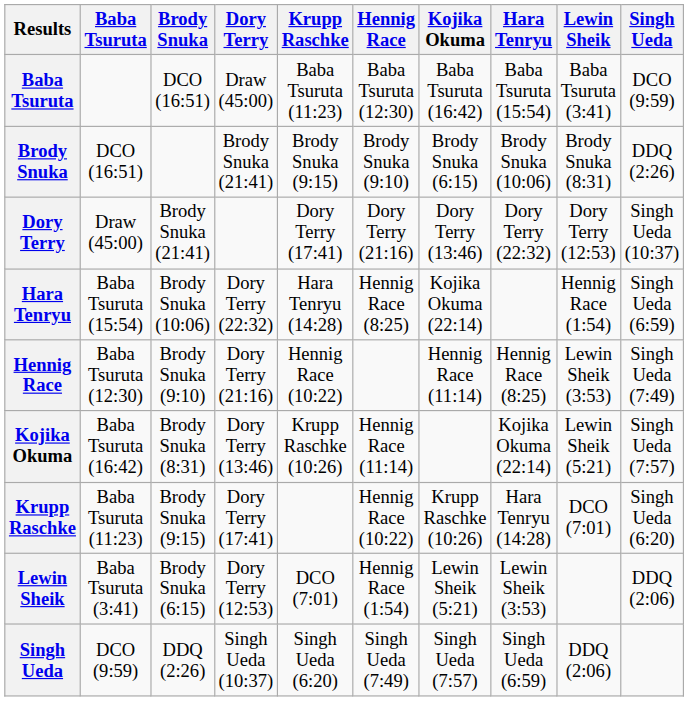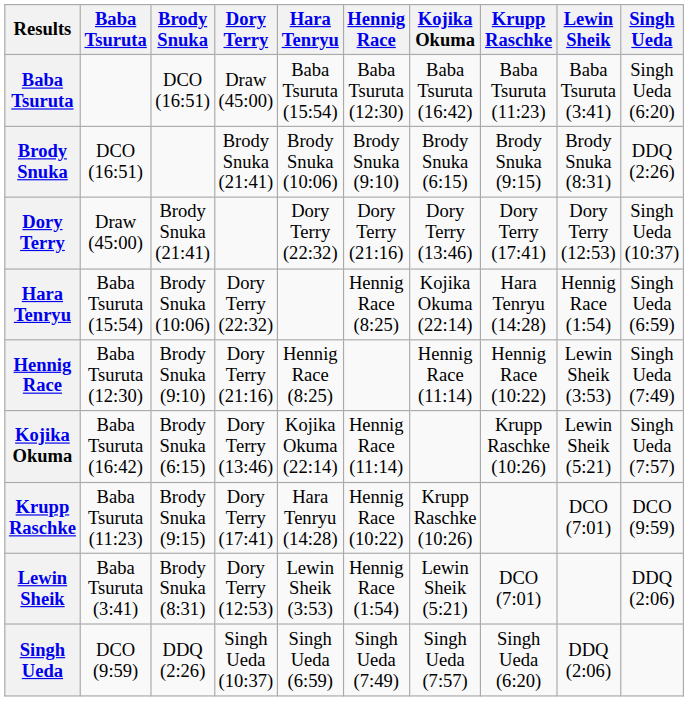 <table class="wikitable" style="text-align:center; margin: 1em auto 1em auto">
 <tr>
 <th>Results</th>
 <th><a href='#'>Baba</a><br><a href='#'>Tsuruta</a></th>
 <th><a href='#'>Brody</a><br><a href='#'>Snuka</a></th>
 <th><a href='#'>Dory</a><br><a href='#'>Terry</a></th>
-<th><a href='#'>Krupp</a><br><a href='#'>Raschke</a></th>
+<th><a href='#'>Hara</a><br><a href='#'>Tenryu</a></th>
 <th><a href='#'>Hennig</a><br><a href='#'>Race</a></th>
 <th><a href='#'>Kojika</a><br>Okuma</th>
-<th><a href='#'>Hara</a><br><a href='#'>Tenryu</a></th>
+<th><a href='#'>Krupp</a><br><a href='#'>Raschke</a></th>
 <th><a href='#'>Lewin</a><br><a href='#'>Sheik</a></th>
 <th><a href='#'>Singh</a><br><a href='#'>Ueda</a></th>
 </tr>
 <tr>
 <th><a href='#'>Baba</a><br><a href='#'>Tsuruta</a></th>
 <td></td>
 <td>DCO<br>(16:51)</td>
 <td>Draw<br>(45:00)</td>
-<td>Baba<br>Tsuruta<br>(11:23)</td>
+<td>Baba<br>Tsuruta<br>(15:54)</td>
 <td>Baba<br>Tsuruta<br>(12:30)</td>
 <td>Baba<br>Tsuruta<br>(16:42)</td>
-<td>Baba<br>Tsuruta<br>(15:54)</td>
+<td>Baba<br>Tsuruta<br>(11:23)</td>
 <td>Baba<br>Tsuruta<br>(3:41)</td>
-<td>DCO<br>(9:59)</td>
+<td>Singh<br>Ueda<br>(6:20)</td>
 </tr>
 <tr>
 <th><a href='#'>Brody</a><br><a href='#'>Snuka</a></th>
 <td>DCO<br>(16:51)</td>
 <td></td>
 <td>Brody<br>Snuka<br>(21:41)</td>
-<td>Brody<br>Snuka<br>(9:15)</td>
+<td>Brody<br>Snuka<br>(10:06)</td>
 <td>Brody<br>Snuka<br>(9:10)</td>
 <td>Brody<br>Snuka<br>(6:15)</td>
-<td>Brody<br>Snuka<br>(10:06)</td>
+<td>Brody<br>Snuka<br>(9:15)</td>
 <td>Brody<br>Snuka<br>(8:31)</td>
 <td>DDQ<br>(2:26)</td>
 </tr>
 <tr>
 <th><a href='#'>Dory</a><br><a href='#'>Terry</a></th>
 <td>Draw<br>(45:00)</td>
 <td>Brody<br>Snuka<br>(21:41)</td>
 <td></td>
-<td>Dory<br>Terry<br>(17:41)</td>
+<td>Dory<br>Terry<br>(22:32)</td>
 <td>Dory<br>Terry<br>(21:16)</td>
 <td>Dory<br>Terry<br>(13:46)</td>
-<td>Dory<br>Terry<br>(22:32)</td>
+<td>Dory<br>Terry<br>(17:41)</td>
 <td>Dory<br>Terry<br>(12:53)</td>
 <td>Singh<br>Ueda<br>(10:37)</td>
 </tr>
 <tr>
 <th><a href='#'>Hara</a><br><a href='#'>Tenryu</a></th>
 <td>Baba<br>Tsuruta<br>(15:54)</td>
 <td>Brody<br>Snuka<br>(10:06)</td>
 <td>Dory<br>Terry<br>(22:32)</td>
-<td>Hara<br>Tenryu<br>(14:28)</td>
+<td></td>
 <td>Hennig<br>Race<br>(8:25)</td>
 <td>Kojika<br>Okuma<br>(22:14)</td>
-<td></td>
+<td>Hara<br>Tenryu<br>(14:28)</td>
 <td>Hennig<br>Race<br>(1:54)</td>
 <td>Singh<br>Ueda<br>(6:59)</td>
 </tr>
 <tr>
 <th><a href='#'>Hennig</a><br><a href='#'>Race</a></th>
 <td>Baba<br>Tsuruta<br>(12:30)</td>
 <td>Brody<br>Snuka<br>(9:10)</td>
 <td>Dory<br>Terry<br>(21:16)</td>
-<td>Hennig<br>Race<br>(10:22)</td>
+<td>Hennig<br>Race<br>(8:25)</td>
 <td></td>
 <td>Hennig<br>Race<br>(11:14)</td>
-<td>Hennig<br>Race<br>(8:25)</td>
+<td>Hennig<br>Race<br>(10:22)</td>
 <td>Lewin<br>Sheik<br>(3:53)</td>
 <td>Singh<br>Ueda<br>(7:49)</td>
 </tr>
 <tr>
 <th><a href='#'>Kojika</a><br>Okuma</th>
 <td>Baba<br>Tsuruta<br>(16:42)</td>
-<td>Brody<br>Snuka<br>(8:31)</td>
+<td>Brody<br>Snuka<br>(6:15)</td>
 <td>Dory<br>Terry<br>(13:46)</td>
-<td>Krupp<br>Raschke<br>(10:26)</td>
+<td>Kojika<br>Okuma<br>(22:14)</td>
 <td>Hennig<br>Race<br>(11:14)</td>
 <td></td>
-<td>Kojika<br>Okuma<br>(22:14)</td>
+<td>Krupp<br>Raschke<br>(10:26)</td>
 <td>Lewin<br>Sheik<br>(5:21)</td>
 <td>Singh<br>Ueda<br>(7:57)</td>
 </tr>
 <tr>
 <th><a href='#'>Krupp</a><br><a href='#'>Raschke</a></th>
 <td>Baba<br>Tsuruta<br>(11:23)</td>
 <td>Brody<br>Snuka<br>(9:15)</td>
 <td>Dory<br>Terry<br>(17:41)</td>
-<td></td>
+<td>Hara<br>Tenryu<br>(14:28)</td>
 <td>Hennig<br>Race<br>(10:22)</td>
 <td>Krupp<br>Raschke<br>(10:26)</td>
-<td>Hara<br>Tenryu<br>(14:28)</td>
+<td></td>
 <td>DCO<br>(7:01)</td>
-<td>Singh<br>Ueda<br>(6:20)</td>
+<td>DCO<br>(9:59)</td>
 </tr>
 <tr>
 <th><a href='#'>Lewin</a><br><a href='#'>Sheik</a></th>
 <td>Baba<br>Tsuruta<br>(3:41)</td>
-<td>Brody<br>Snuka<br>(6:15)</td>
+<td>Brody<br>Snuka<br>(8:31)</td>
 <td>Dory<br>Terry<br>(12:53)</td>
-<td>DCO<br>(7:01)</td>
+<td>Lewin<br>Sheik<br>(3:53)</td>
 <td>Hennig<br>Race<br>(1:54)</td>
 <td>Lewin<br>Sheik<br>(5:21)</td>
-<td>Lewin<br>Sheik<br>(3:53)</td>
+<td>DCO<br>(7:01)</td>
 <td></td>
 <td>DDQ<br>(2:06)</td>
 </tr>
 <tr>
 <th><a href='#'>Singh</a><br><a href='#'>Ueda</a></th>
 <td>DCO<br>(9:59)</td>
 <td>DDQ<br>(2:26)</td>
 <td>Singh<br>Ueda<br>(10:37)</td>
-<td>Singh<br>Ueda<br>(6:20)</td>
+<td>Singh<br>Ueda<br>(6:59)</td>
 <td>Singh<br>Ueda<br>(7:49)</td>
 <td>Singh<br>Ueda<br>(7:57)</td>
-<td>Singh<br>Ueda<br>(6:59)</td>
+<td>Singh<br>Ueda<br>(6:20)</td>
 <td>DDQ<br>(2:06)</td>
 <td></td>
 </tr>
 </table>
